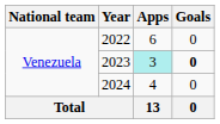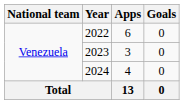 <table class="wikitable" style="text-align:center">
 <tr>
 <th>National team</th>
 <th>Year</th>
 <th>Apps</th>
 <th>Goals</th>
 </tr>
 <tr>
 <td rowspan="3"><a href='#'>Venezuela</a></td>
 <td>2022</td>
 <td>6</td>
 <td>0</td>
 </tr>
 <tr>
 <td>2023</td>
-<td style="background: paleturquoise;">3</td>
-<td><strong>0</strong></td>
+<td>3</td>
+<td>0</td>
 </tr>
 <tr>
 <td>2024</td>
 <td>4</td>
 <td>0</td>
 </tr>
 <tr>
 <th colspan="2">Total</th>
 <th>13</th>
 <th>0</th>
 </tr>
 </table>
